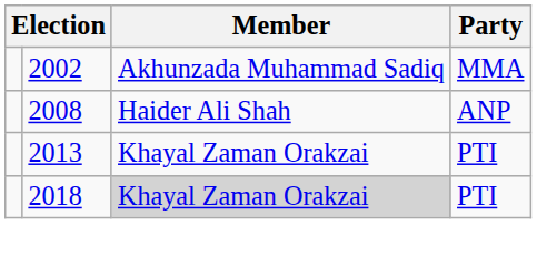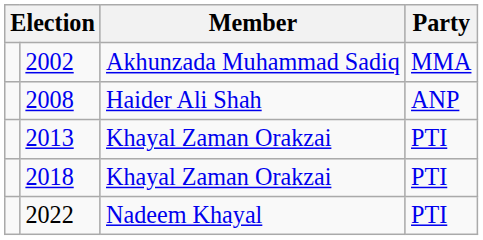 <table class="wikitable">
 <tr>
 <th colspan="2">Election</th>
 <th>Member</th>
 <th>Party</th>
 </tr>
 <tr>
 <td style="background-color: "></td>
 <td><a href='#'>2002</a></td>
 <td><a href='#'>Akhunzada Muhammad Sadiq</a></td>
 <td><a href='#'>MMA</a></td>
 </tr>
 <tr>
 <td style="background-color: "></td>
 <td><a href='#'>2008</a></td>
 <td><a href='#'>Haider Ali Shah</a></td>
 <td><a href='#'>ANP</a></td>
 </tr>
 <tr>
 <td style="background-color: "></td>
 <td><a href='#'>2013</a></td>
 <td><a href='#'>Khayal Zaman Orakzai</a></td>
 <td><a href='#'>PTI</a></td>
 </tr>
 <tr>
 <td style="background-color: "></td>
 <td><a href='#'>2018</a></td>
-<td style="background: lightgrey;"><a href='#'>Khayal Zaman Orakzai</a></td>
+<td><a href='#'>Khayal Zaman Orakzai</a></td>
+<td><a href='#'>PTI</a></td>
+</tr>
+<tr>
+<td style="background-color: "></td>
+<td>2022</td>
+<td><a href='#'>Nadeem Khayal</a></td>
 <td><a href='#'>PTI</a></td>
 </tr>
 </table>
